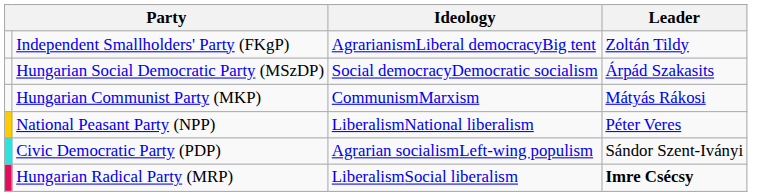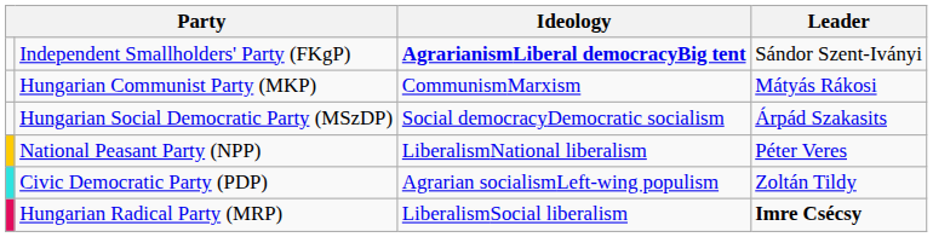 <table class=wikitable style=text-align:left>
 <tr>
 <th colspan=2>Party</th>
 <th>Ideology</th>
 <th>Leader</th>
 </tr>
 <tr>
 <td></td>
 <td><a href='#'>Independent Smallholders' Party</a> (FKgP)</td>
-<td><a href='#'>Agrarianism</a><a href='#'>Liberal democracy</a><a href='#'>Big tent</a></td>
-<td><a href='#'>Zoltán Tildy</a></td>
+<td><strong><a href='#'>Agrarianism</a><a href='#'>Liberal democracy</a><a href='#'>Big tent</a></strong></td>
+<td>Sándor Szent-Iványi</td>
+</tr>
+<tr>
+<td></td>
+<td><a href='#'>Hungarian Communist Party</a> (MKP)</td>
+<td><a href='#'>Communism</a><a href='#'>Marxism</a></td>
+<td><a href='#'>Mátyás Rákosi</a></td>
 </tr>
 <tr>
 <td></td>
 <td><a href='#'>Hungarian Social Democratic Party</a> (MSzDP)</td>
 <td><a href='#'>Social democracy</a><a href='#'>Democratic socialism</a></td>
 <td><a href='#'>Árpád Szakasits</a></td>
-</tr>
-<tr>
-<td></td>
-<td><a href='#'>Hungarian Communist Party</a> (MKP)</td>
-<td><a href='#'>Communism</a><a href='#'>Marxism</a></td>
-<td><a href='#'>Mátyás Rákosi</a></td>
 </tr>
 <tr>
 <td bgcolor="FFCC00"></td>
 <td><a href='#'>National Peasant Party</a> (NPP)</td>
 <td><a href='#'>Liberalism</a><a href='#'>National liberalism</a></td>
 <td><a href='#'>Péter Veres</a></td>
 </tr>
 <tr>
 <td bgcolor="2BE4E0"></td>
 <td><a href='#'>Civic Democratic Party</a> (PDP)</td>
 <td><a href='#'>Agrarian socialism</a><a href='#'>Left-wing populism</a></td>
-<td>Sándor Szent-Iványi</td>
+<td><a href='#'>Zoltán Tildy</a></td>
 </tr>
 <tr>
 <td bgcolor="E30B5C"></td>
 <td><a href='#'>Hungarian Radical Party</a> (MRP)</td>
 <td><a href='#'>Liberalism</a><a href='#'>Social liberalism</a></td>
 <td><strong>Imre Csécsy</strong></td>
 </tr>
 </table>
